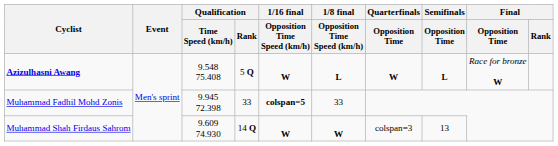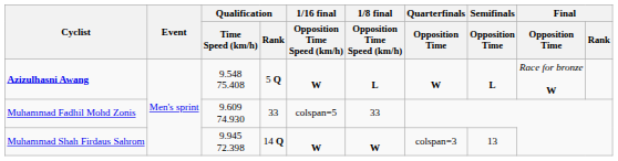 <table class="wikitable" style="font-size:90%">
 <tr>
 <th rowspan=2>Cyclist</th>
 <th rowspan=2>Event</th>
 <th colspan=2>Qualification</th>
 <th>1/16 final</th>
 <th>1/8 final</th>
 <th>Quarterfinals</th>
 <th>Semifinals</th>
 <th colspan=2>Final</th>
 </tr>
 <tr style="font-size:95%">
 <th>Time<br>Speed (km/h)</th>
 <th>Rank</th>
 <th>Opposition<br>Time<br>Speed (km/h)</th>
 <th>Opposition<br>Time<br>Speed (km/h)</th>
 <th>Opposition<br>Time</th>
 <th>Opposition<br>Time</th>
 <th>Opposition<br>Time</th>
 <th>Rank</th>
 </tr>
 <tr align=center>
 <td align=left><strong><a href='#'>Azizulhasni Awang</a></strong></td>
 <td align=left rowspan=3><a href='#'>Men's sprint</a></td>
 <td>9.548<br>75.408</td>
 <td>5 <strong>Q</strong></td>
 <td><br><strong>W</strong></td>
 <td><br><strong>L</strong></td>
 <td><br><strong>W</strong></td>
 <td><br><strong>L</strong></td>
 <td><em>Race for bronze</em><br><br><strong>W</strong></td>
 <td></td>
 </tr>
 <tr align=center>
 <td align=left><a href='#'>Muhammad Fadhil Mohd Zonis</a></td>
-<td>9.945<br>72.398</td>
+<td>9.609<br>74.930</td>
 <td>33</td>
-<td><strong>colspan=5 </strong></td>
+<td>colspan=5 </td>
 <td>33</td>
 </tr>
 <tr align=center>
 <td align=left><a href='#'>Muhammad Shah Firdaus Sahrom</a></td>
-<td>9.609<br>74.930</td>
+<td>9.945<br>72.398</td>
 <td>14 <strong>Q</strong></td>
 <td><br><strong>W</strong></td>
 <td><br><strong>W</strong></td>
 <td>colspan=3 </td>
 <td>13</td>
 </tr>
 </table>
